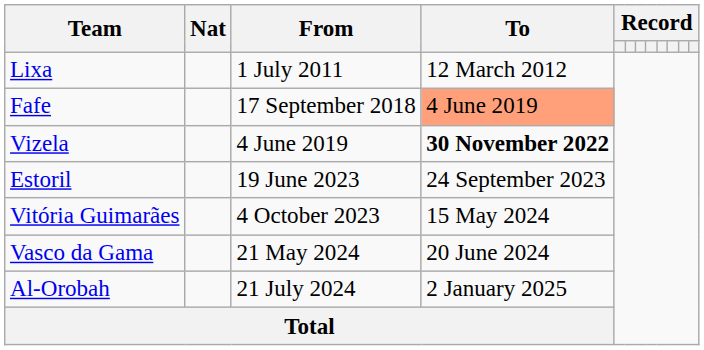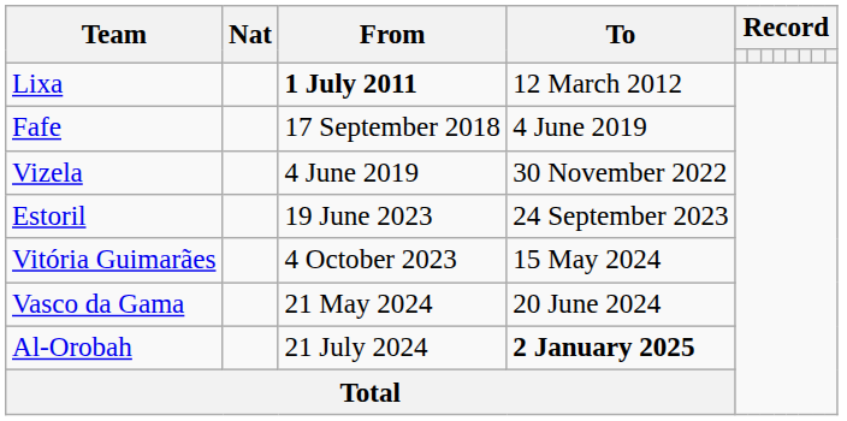 <table class=wikitable style="text-align: center">
 <tr>
 <th rowspan="2">Team</th>
 <th rowspan="2">Nat</th>
 <th rowspan="2">From</th>
 <th rowspan="2">To</th>
 <th colspan="8">Record</th>
 </tr>
 <tr>
 <th></th>
 <th></th>
 <th></th>
 <th></th>
 <th></th>
 <th></th>
 <th></th>
 <th></th>
 </tr>
 <tr>
 <td align=left><a href='#'>Lixa</a></td>
 <td></td>
-<td align=left>1 July 2011</td>
+<td align=left><strong>1 July 2011</strong></td>
 <td align=left>12 March 2012<br></td>
 </tr>
 <tr>
 <td align=left><a href='#'>Fafe</a></td>
 <td></td>
 <td align=left>17 September 2018</td>
-<td align=left style="background: lightsalmon;">4 June 2019<br></td>
+<td align=left>4 June 2019<br></td>
 </tr>
 <tr>
 <td align=left><a href='#'>Vizela</a></td>
 <td></td>
 <td align=left>4 June 2019</td>
-<td align=left><strong>30 November 2022<br></strong></td>
+<td align=left>30 November 2022<br></td>
 </tr>
 <tr>
 <td align=left><a href='#'>Estoril</a></td>
 <td></td>
 <td align=left>19 June 2023</td>
 <td align=left>24 September 2023<br></td>
 </tr>
 <tr>
 <td align=left><a href='#'>Vitória Guimarães</a></td>
 <td></td>
 <td align=left>4 October 2023</td>
 <td align=left>15 May 2024<br></td>
 </tr>
 <tr>
 <td align=left><a href='#'>Vasco da Gama</a></td>
 <td></td>
 <td align=left>21 May 2024</td>
 <td align=left>20 June 2024<br></td>
 </tr>
 <tr>
 <td align=left><a href='#'>Al-Orobah</a></td>
 <td></td>
 <td align=left>21 July 2024</td>
-<td align=left>2 January 2025<br></td>
+<td align=left><strong>2 January 2025<br></strong></td>
 </tr>
 <tr>
 <th colspan=4>Total<br></th>
 </tr>
 </table>
